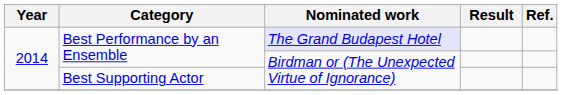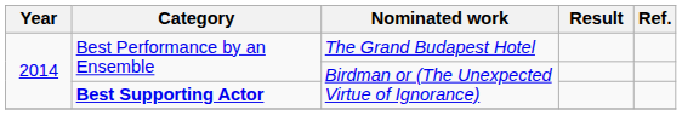 <table class=wikitable>
 <tr>
 <th scope="col" style="width:5em;">Year</th>
 <th scope="col" style="width:26em;">Category</th>
 <th scope="col" style="width:25em;">Nominated work</th>
 <th scope="col" style="width:5em;">Result</th>
 <th>Ref.</th>
 </tr>
 <tr>
 <td style="text-align:center;", rowspan="3"><a href='#'>2014</a></td>
 <td rowspan="2"><a href='#'>Best Performance by an Ensemble</a></td>
-<td style="background: lavender;"><em><a href='#'>The Grand Budapest Hotel</a></em></td>
+<td><em><a href='#'>The Grand Budapest Hotel</a></em></td>
 <td></td>
 <td></td>
 </tr>
 <tr>
 <td rowspan="2"><em><a href='#'>Birdman or (The Unexpected Virtue of Ignorance)</a></em></td>
 <td></td>
 <td></td>
 </tr>
 <tr>
-<td><a href='#'>Best Supporting Actor</a></td>
+<td><strong><a href='#'>Best Supporting Actor</a></strong></td>
 <td></td>
 <td></td>
 </tr>
 <tr>
 </tr>
 </table>
